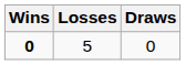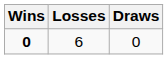 <table class="wikitable">
 <tr>
 <th>Wins</th>
 <th>Losses</th>
 <th>Draws</th>
 </tr>
 <tr>
 <td align=center><strong>0</strong></td>
-<td align=center>5</td>
+<td align=center>6</td>
 <td align=center>0</td>
 </tr>
 </table>
